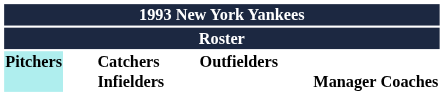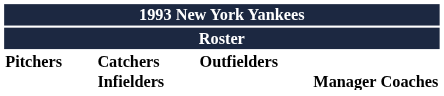 <table class="toccolours" style="font-size: 95%;">
 <tr>
 <th colspan="10" style="background-color: #1c2841; color: white; text-align: center;">1993 New York Yankees</th>
 </tr>
 <tr>
 <td colspan="10" style="background-color:#1c2841; color: white; text-align: center;"><strong>Roster</strong></td>
 </tr>
 <tr>
-<td valign="top" style="background: paleturquoise;"><strong>Pitchers</strong><br>                     </td>
+<td valign="top"><strong>Pitchers</strong><br>                     </td>
 <td width="25px"></td>
 <td valign="top"><strong>Catchers</strong><br>  <strong>Infielders</strong>         </td>
 <td width="25px"></td>
 <td valign="top"><strong>Outfielders</strong><br>       </td>
 <td width="25px"></td>
 <td valign="top"><br><strong>Manager</strong>  <strong>Coaches</strong>      </td>
 </tr>
 </table>
